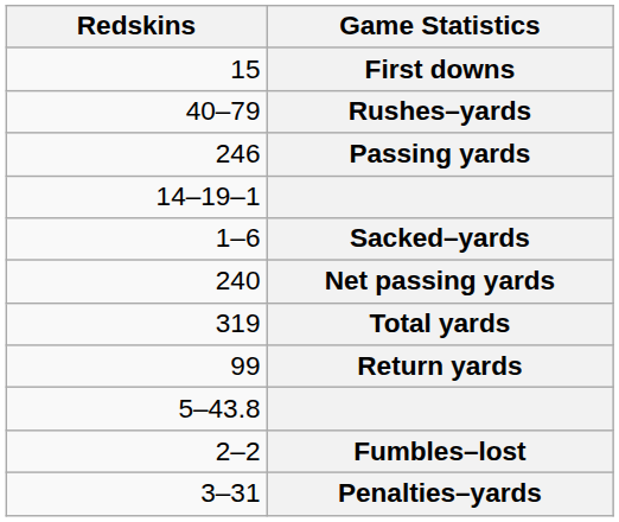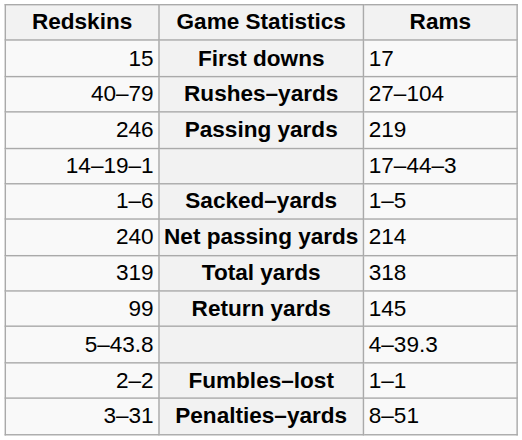 <table class="wikitable" style="margin: 1em auto 1em auto">
 <tr>
 <th style="width:30%;">Redskins</th>
 <th style="width:40%;">Game Statistics</th>
+<th style="width:30%;">Rams</th>
 </tr>
 <tr>
 <td style="text-align:right;">15</td>
 <th>First downs</th>
+<td>17</td>
 </tr>
 <tr>
 <td style="text-align:right;">40–79</td>
 <th>Rushes–yards</th>
+<td>27–104</td>
 </tr>
 <tr>
 <td style="text-align:right;">246</td>
 <th>Passing yards</th>
+<td>219</td>
 </tr>
 <tr>
 <td style="text-align:right;">14–19–1</td>
 <th></th>
+<td>17–44–3</td>
 </tr>
 <tr>
 <td style="text-align:right;">1–6</td>
 <th>Sacked–yards</th>
+<td>1–5</td>
 </tr>
 <tr>
 <td style="text-align:right;">240</td>
 <th>Net passing yards</th>
+<td>214</td>
 </tr>
 <tr>
 <td style="text-align:right;">319</td>
 <th>Total yards</th>
+<td>318</td>
 </tr>
 <tr>
 <td style="text-align:right;">99</td>
 <th>Return yards</th>
+<td>145</td>
 </tr>
 <tr>
 <td style="text-align:right;">5–43.8</td>
 <th></th>
+<td>4–39.3</td>
 </tr>
 <tr>
 <td style="text-align:right;">2–2</td>
 <th>Fumbles–lost</th>
+<td>1–1</td>
 </tr>
 <tr>
 <td style="text-align:right;">3–31</td>
 <th>Penalties–yards</th>
+<td>8–51</td>
 </tr>
 </table>
